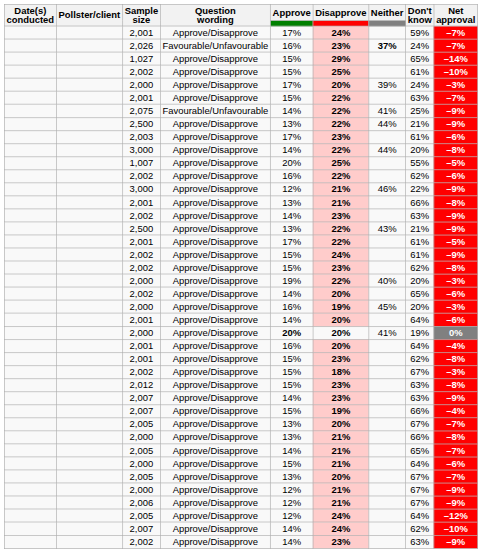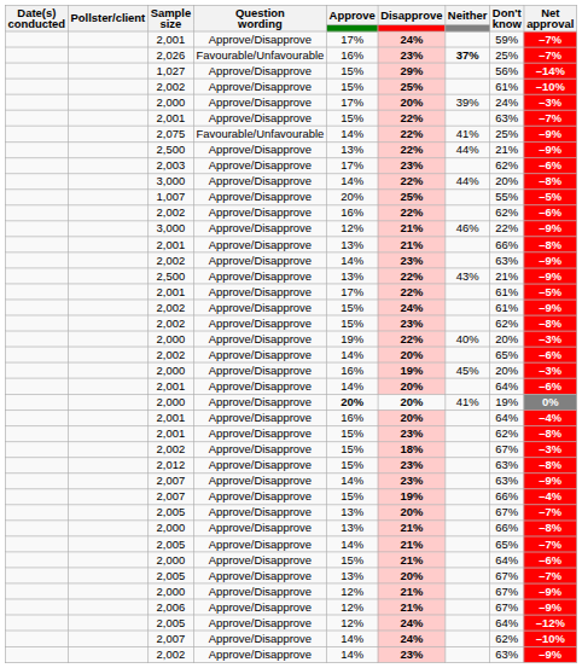 <table class="wikitable collapsible sortable mw-datatable" style="text-align:center;font-size:95%;line-height:14px;">
 <tr>
 <th rowspan="2" style="width:125px;">Date(s)<br>conducted</th>
 <th rowspan="2" style="width:200px;">Pollster/client</th>
 <th rowspan="2" style="width:60px;">Sample size</th>
 <th rowspan="2" style="width:120px;">Question<br>wording</th>
 <th class="unsortable" style="width:80px;">Approve</th>
 <th class="unsortable" style="width: 80px;">Disapprove</th>
 <th class="unsortable" style="width:80px;">Neither</th>
 <th rowspan="2" class="unsortable" style="width:80px;">Don't know</th>
 <th rowspan="2" class="unsortable" style="width:20px;">Net approval</th>
 </tr>
 <tr>
 <th class="unsortable" style="color:inherit;background:green;width:60px;"></th>
 <th class="unsortable" style="color:inherit;background:red;width:60px;"></th>
 <th class="unsortable" style="background:grey;width:60px;"></th>
 </tr>
 <tr>
 <td></td>
 <td></td>
 <td>2,001</td>
 <td>Approve/Disapprove</td>
 <td>17%</td>
 <td style="background:#ffcccb"><strong>24%</strong></td>
 <td></td>
 <td>59%</td>
 <td style="background:red;color:white;"><strong>–7%</strong></td>
 </tr>
 <tr>
 <td></td>
 <td> </td>
 <td>2,026</td>
 <td>Favourable/Unfavourable</td>
 <td>16%</td>
 <td style="background:#ffcccb"><strong>23%</strong></td>
 <td><strong>37%</strong></td>
-<td>24%</td>
+<td>25%</td>
 <td style="background:red;color:white;"><strong>–7%</strong></td>
 </tr>
 <tr>
 <td></td>
 <td></td>
 <td>1,027</td>
 <td>Approve/Disapprove</td>
 <td>15%</td>
 <td style="background:#ffcccb"><strong>29%</strong></td>
 <td></td>
-<td>65%</td>
+<td>56%</td>
 <td style="background:red;color:white;"><strong>–14%</strong></td>
 </tr>
 <tr>
 <td></td>
 <td></td>
 <td>2,002</td>
 <td>Approve/Disapprove</td>
 <td>15%</td>
 <td style="background:#ffcccb"><strong>25%</strong></td>
 <td></td>
 <td>61%</td>
 <td style="background:red;color:white;"><strong>–10%</strong></td>
 </tr>
 <tr>
 <td></td>
 <td></td>
 <td>2,000</td>
 <td>Approve/Disapprove</td>
 <td>17%</td>
 <td style="background:#ffcccb"><strong>20%</strong></td>
 <td>39%</td>
 <td>24%</td>
 <td style="background:red;color:white;"><strong>–3%</strong></td>
 </tr>
 <tr>
 <td></td>
 <td></td>
 <td>2,001</td>
 <td>Approve/Disapprove</td>
 <td>15%</td>
 <td style="background:#ffcccb"><strong>22%</strong></td>
 <td></td>
 <td>63%</td>
 <td style="background:red;color:white;"><strong>–7%</strong></td>
 </tr>
 <tr>
 <td></td>
 <td> </td>
 <td>2,075</td>
 <td>Favourable/Unfavourable</td>
 <td>14%</td>
 <td style="background:#ffcccb"><strong>22%</strong></td>
 <td>41%</td>
 <td>25%</td>
 <td style="background:red;color:white;"><strong>–9%</strong></td>
 </tr>
 <tr>
 <td></td>
 <td></td>
 <td>2,500</td>
 <td>Approve/Disapprove</td>
 <td>13%</td>
 <td style="background:#ffcccb"><strong>22%</strong></td>
 <td>44%</td>
 <td>21%</td>
 <td style="background:red;color:white;"><strong>–9%</strong></td>
 </tr>
 <tr>
 <td></td>
 <td></td>
 <td>2,003</td>
 <td>Approve/Disapprove</td>
 <td>17%</td>
 <td style="background:#ffcccb"><strong>23%</strong></td>
 <td></td>
-<td>61%</td>
+<td>62%</td>
 <td style="background:red;color:white;"><strong>–6%</strong></td>
 </tr>
 <tr>
 <td></td>
 <td></td>
 <td>3,000</td>
 <td>Approve/Disapprove</td>
 <td>14%</td>
 <td style="background:#ffcccb"><strong>22%</strong></td>
 <td>44%</td>
 <td>20%</td>
 <td style="background:red;color:white;"><strong>–8%</strong></td>
 </tr>
 <tr>
 <td></td>
 <td></td>
 <td>1,007</td>
 <td>Approve/Disapprove</td>
 <td>20%</td>
 <td style="background:#ffcccb"><strong>25%</strong></td>
 <td></td>
 <td>55%</td>
 <td style="background:red;color:white;"><strong>–5%</strong></td>
 </tr>
 <tr>
 <td></td>
 <td></td>
 <td>2,002</td>
 <td>Approve/Disapprove</td>
 <td>16%</td>
 <td style="background:#ffcccb"><strong>22%</strong></td>
 <td></td>
 <td>62%</td>
 <td style="background:red;color:white;"><strong>–6%</strong></td>
 </tr>
 <tr>
 <td></td>
 <td></td>
 <td>3,000</td>
 <td>Approve/Disapprove</td>
 <td>12%</td>
 <td style="background:#ffcccb"><strong>21%</strong></td>
 <td>46%</td>
 <td>22%</td>
 <td style="background:red;color:white;"><strong>–9%</strong></td>
 </tr>
 <tr>
 <td></td>
 <td></td>
 <td>2,001</td>
 <td>Approve/Disapprove</td>
 <td>13%</td>
 <td style="background:#ffcccb"><strong>21%</strong></td>
 <td></td>
 <td>66%</td>
 <td style="background:red;color:white;"><strong>–8%</strong></td>
 </tr>
 <tr>
 <td></td>
 <td></td>
 <td>2,002</td>
 <td>Approve/Disapprove</td>
 <td>14%</td>
 <td style="background:#ffcccb"><strong>23%</strong></td>
 <td></td>
 <td>63%</td>
 <td style="background:red;color:white;"><strong>–9%</strong></td>
 </tr>
 <tr>
 <td></td>
 <td></td>
 <td>2,500</td>
 <td>Approve/Disapprove</td>
 <td>13%</td>
 <td style="background:#ffcccb"><strong>22%</strong></td>
 <td>43%</td>
 <td>21%</td>
 <td style="background:red;color:white;"><strong>–9%</strong></td>
 </tr>
 <tr>
 <td></td>
 <td></td>
 <td>2,001</td>
 <td>Approve/Disapprove</td>
 <td>17%</td>
 <td style="background:#ffcccb"><strong>22%</strong></td>
 <td></td>
 <td>61%</td>
 <td style="background:red;color:white;"><strong>–5%</strong></td>
 </tr>
 <tr>
 <td></td>
 <td></td>
 <td>2,002</td>
 <td>Approve/Disapprove</td>
 <td>15%</td>
 <td style="background:#ffcccb"><strong>24%</strong></td>
 <td></td>
 <td>61%</td>
 <td style="background:red;color:white;"><strong>–9%</strong></td>
 </tr>
 <tr>
 <td></td>
 <td></td>
 <td>2,002</td>
 <td>Approve/Disapprove</td>
 <td>15%</td>
 <td style="background:#ffcccb"><strong>23%</strong></td>
 <td></td>
 <td>62%</td>
 <td style="background:red;color:white;"><strong>–8%</strong></td>
 </tr>
 <tr>
 <td></td>
 <td></td>
 <td>2,000</td>
 <td>Approve/Disapprove</td>
 <td>19%</td>
 <td style="background:#ffcccb"><strong>22%</strong></td>
 <td>40%</td>
 <td>20%</td>
 <td style="background:red;color:white;"><strong>–3%</strong></td>
 </tr>
 <tr>
 <td></td>
 <td></td>
 <td>2,002</td>
 <td>Approve/Disapprove</td>
 <td>14%</td>
 <td style="background:#ffcccb"><strong>20%</strong></td>
 <td></td>
 <td>65%</td>
 <td style="background:red;color:white;"><strong>–6%</strong></td>
 </tr>
 <tr>
 <td></td>
 <td></td>
 <td>2,000</td>
 <td>Approve/Disapprove</td>
 <td>16%</td>
 <td style="background:#ffcccb"><strong>19%</strong></td>
 <td>45%</td>
 <td>20%</td>
 <td style="background:red;color:white;"><strong>–3%</strong></td>
 </tr>
 <tr>
 <td></td>
 <td></td>
 <td>2,001</td>
 <td>Approve/Disapprove</td>
 <td>14%</td>
 <td style="background:#ffcccb"><strong>20%</strong></td>
 <td></td>
 <td>64%</td>
 <td style="background:red;color:white;"><strong>–6%</strong></td>
 </tr>
 <tr>
 <td></td>
 <td></td>
 <td>2,000</td>
 <td>Approve/Disapprove</td>
 <td><strong>20%</strong></td>
 <td><strong>20%</strong></td>
 <td>41%</td>
 <td>19%</td>
 <td style="background:grey;color:white;"><strong>0%</strong></td>
 </tr>
 <tr>
 <td></td>
 <td></td>
 <td>2,001</td>
 <td>Approve/Disapprove</td>
 <td>16%</td>
 <td style="background:#ffcccb"><strong>20%</strong></td>
 <td></td>
 <td>64%</td>
 <td style="background:red;color:white;"><strong>–4%</strong></td>
 </tr>
 <tr>
 <td></td>
 <td></td>
 <td>2,001</td>
 <td>Approve/Disapprove</td>
 <td>15%</td>
 <td style="background:#ffcccb"><strong>23%</strong></td>
 <td></td>
 <td>62%</td>
 <td style="background:red;color:white;"><strong>–8%</strong></td>
 </tr>
 <tr>
 <td></td>
 <td></td>
 <td>2,002</td>
 <td>Approve/Disapprove</td>
 <td>15%</td>
 <td style="background:#ffcccb"><strong>18%</strong></td>
 <td></td>
 <td>67%</td>
 <td style="background:red;color:white;"><strong>–3%</strong></td>
 </tr>
 <tr>
 <td></td>
 <td></td>
 <td>2,012</td>
 <td>Approve/Disapprove</td>
 <td>15%</td>
 <td style="background:#ffcccb"><strong>23%</strong></td>
 <td></td>
 <td>63%</td>
 <td style="background:red;color:white;"><strong>–8%</strong></td>
 </tr>
 <tr>
 <td></td>
 <td></td>
 <td>2,007</td>
 <td>Approve/Disapprove</td>
 <td>14%</td>
 <td style="background:#ffcccb"><strong>23%</strong></td>
 <td></td>
 <td>63%</td>
 <td style="background:red;color:white;"><strong>–9%</strong></td>
 </tr>
 <tr>
 <td></td>
 <td></td>
 <td>2,007</td>
 <td>Approve/Disapprove</td>
 <td>15%</td>
 <td style="background:#ffcccb"><strong>19%</strong></td>
 <td></td>
 <td>66%</td>
 <td style="background:red;color:white;"><strong>–4%</strong></td>
 </tr>
 <tr>
 <td></td>
 <td></td>
 <td>2,005</td>
 <td>Approve/Disapprove</td>
 <td>13%</td>
 <td style="background:#ffcccb"><strong>20%</strong></td>
 <td></td>
 <td>67%</td>
 <td style="background:red;color:white;"><strong>–7%</strong></td>
 </tr>
 <tr>
 <td></td>
 <td></td>
 <td>2,000</td>
 <td>Approve/Disapprove</td>
 <td>13%</td>
 <td style="background:#ffcccb"><strong>21%</strong></td>
 <td></td>
 <td>66%</td>
 <td style="background:red;color:white;"><strong>–8%</strong></td>
 </tr>
 <tr>
 <td></td>
 <td></td>
 <td>2,005</td>
 <td>Approve/Disapprove</td>
 <td>14%</td>
 <td style="background:#ffcccb"><strong>21%</strong></td>
 <td></td>
 <td>65%</td>
 <td style="background:red;color:white;"><strong>–7%</strong></td>
 </tr>
 <tr>
 <td></td>
 <td></td>
 <td>2,000</td>
 <td>Approve/Disapprove</td>
 <td>15%</td>
 <td style="background:#ffcccb"><strong>21%</strong></td>
 <td></td>
 <td>64%</td>
 <td style="background:red;color:white;"><strong>–6%</strong></td>
 </tr>
 <tr>
 <td></td>
 <td></td>
 <td>2,005</td>
 <td>Approve/Disapprove</td>
 <td>13%</td>
 <td style="background:#ffcccb"><strong>20%</strong></td>
 <td></td>
 <td>67%</td>
 <td style="background:red;color:white;"><strong>–7%</strong></td>
 </tr>
 <tr>
 <td></td>
 <td></td>
 <td>2,000</td>
 <td>Approve/Disapprove</td>
 <td>12%</td>
 <td style="background:#ffcccb"><strong>21%</strong></td>
 <td></td>
 <td>67%</td>
 <td style="background:red;color:white;"><strong>–9%</strong></td>
 </tr>
 <tr>
 <td></td>
 <td></td>
 <td>2,006</td>
 <td>Approve/Disapprove</td>
 <td>12%</td>
 <td style="background:#ffcccb"><strong>21%</strong></td>
 <td></td>
 <td>67%</td>
 <td style="background:red;color:white;"><strong>–9%</strong></td>
 </tr>
 <tr>
 <td></td>
 <td></td>
 <td>2,005</td>
 <td>Approve/Disapprove</td>
 <td>12%</td>
 <td style="background:#ffcccb"><strong>24%</strong></td>
 <td></td>
 <td>64%</td>
 <td style="background:red;color:white;"><strong>–12%</strong></td>
 </tr>
 <tr>
 <td></td>
 <td> </td>
 <td>2,007</td>
 <td>Approve/Disapprove</td>
 <td>14%</td>
 <td style="background:#ffcccb"><strong>24%</strong></td>
 <td></td>
 <td>62%</td>
 <td style="background:red;color:white;"><strong>–10%</strong></td>
 </tr>
 <tr>
 <td></td>
 <td></td>
 <td>2,002</td>
 <td>Approve/Disapprove</td>
 <td>14%</td>
 <td style="background:#ffcccb"><strong>23%</strong></td>
 <td></td>
 <td>63%</td>
 <td style="background:red;color:white;"><strong>–9%</strong></td>
 </tr>
 </table>
